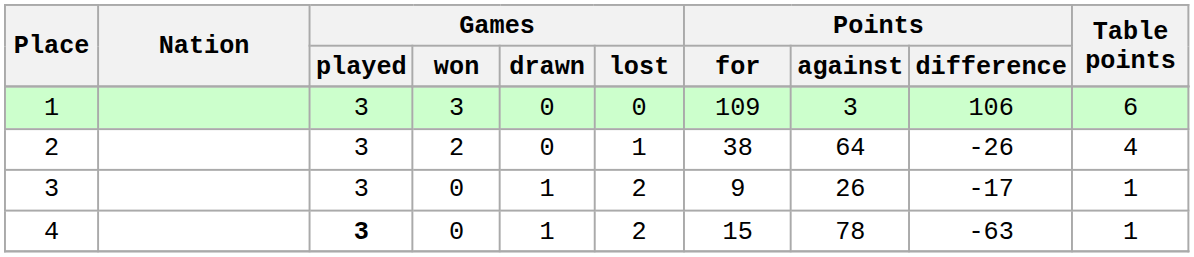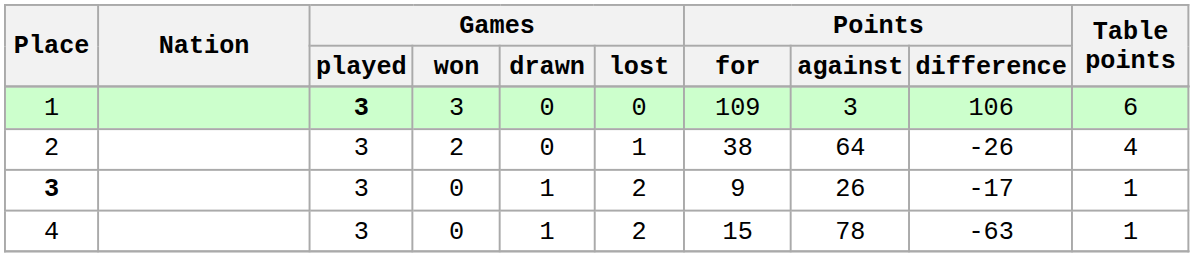 <table class="wikitable">
 <tr>
 <th rowspan=2 width="8%">Place</th>
 <th rowspan=2 width="20%">Nation</th>
 <th colspan=4 width="32%">Games</th>
 <th colspan=3 width="30%">Points</th>
 <th rowspan=2 width="10%">Table<br>points</th>
 </tr>
 <tr>
 <th width="8%">played</th>
 <th width="8%">won</th>
 <th width="8%">drawn</th>
 <th width="8%">lost</th>
 <th width="10%">for</th>
 <th width="10%">against</th>
 <th width="10%">difference</th>
 </tr>
 <tr>
 </tr>
 <tr bgcolor=#ccffcc align=center>
 <td>1</td>
 <td align=left><strong></strong></td>
-<td>3</td>
+<td><strong>3</strong></td>
 <td>3</td>
 <td>0</td>
 <td>0</td>
 <td>109</td>
 <td>3</td>
 <td>106</td>
 <td>6</td>
 </tr>
 <tr bgcolor=#ffffff align=center>
 <td>2</td>
 <td align=left></td>
 <td>3</td>
 <td>2</td>
 <td>0</td>
 <td>1</td>
 <td>38</td>
 <td>64</td>
 <td>-26</td>
 <td>4</td>
 </tr>
 <tr bgcolor=#ffffff align=center>
-<td>3</td>
+<td><strong>3</strong></td>
 <td align=left></td>
 <td>3</td>
 <td>0</td>
 <td>1</td>
 <td>2</td>
 <td>9</td>
 <td>26</td>
 <td>-17</td>
 <td>1</td>
 </tr>
 <tr bgcolor=#ffffff align=center>
 <td>4</td>
 <td align=left></td>
-<td><strong>3</strong></td>
+<td>3</td>
 <td>0</td>
 <td>1</td>
 <td>2</td>
 <td>15</td>
 <td>78</td>
 <td>-63</td>
 <td>1</td>
 </tr>
 <tr bgcolor=#ffcccc align=center>
 </tr>
 </table>
